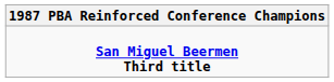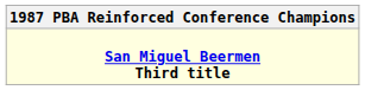 <table class=wikitable style="text-align:center; margin:auto">
 <tr>
 <th>1987 PBA Reinforced Conference Champions</th>
 </tr>
 <tr>
-<td><br> <strong><a href='#'>San Miguel Beermen</a></strong> <br> <strong>Third title</strong></td>
+<td style="background: lightyellow;"><br> <strong><a href='#'>San Miguel Beermen</a></strong> <br> <strong>Third title</strong></td>
 </tr>
 </table>
